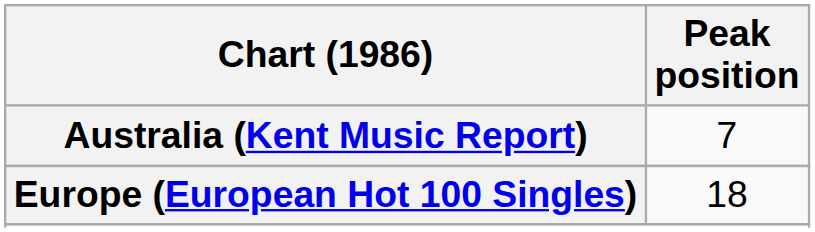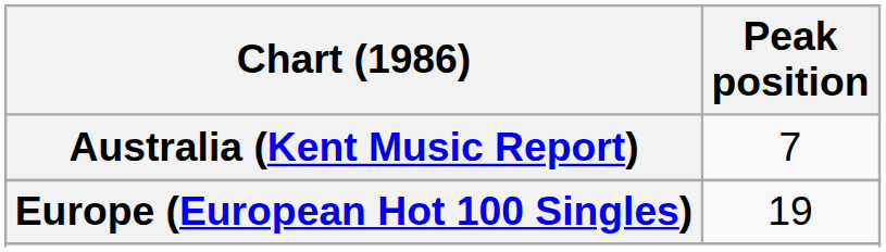 <table class="wikitable sortable plainrowheaders" style="text-align:center">
 <tr>
 <th>Chart (1986)</th>
 <th>Peak<br>position</th>
 </tr>
 <tr>
 <th scope="row">Australia (<a href='#'>Kent Music Report</a>)</th>
 <td>7</td>
 </tr>
 <tr>
 </tr>
 <tr>
 <th scope="row">Europe (<a href='#'>European Hot 100 Singles</a>)</th>
-<td>18</td>
+<td>19</td>
 </tr>
 <tr>
 </tr>
 <tr>
 </tr>
 <tr>
 </tr>
 <tr>
 </tr>
 <tr>
 </tr>
 <tr>
 </tr>
 <tr>
 </tr>
 </table>
